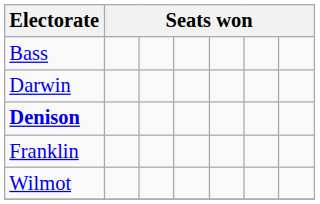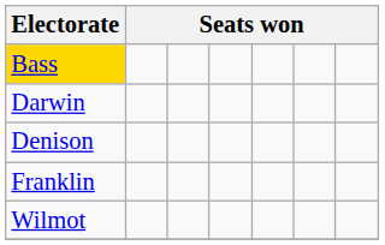 <table class="wikitable">
 <tr>
 <th>Electorate</th>
 <th colspan=7>Seats won</th>
 </tr>
 <tr>
-<td><a href='#'>Bass</a></td>
+<td style="background: gold;"><a href='#'>Bass</a></td>
 <td width=20 > </td>
 <td width=20 > </td>
 <td width=20 > </td>
 <td width=20 > </td>
 <td width=20 > </td>
 <td width=20 > </td>
 </tr>
 <tr>
 <td><a href='#'>Darwin</a></td>
 <td> </td>
 <td> </td>
 <td> </td>
 <td> </td>
 <td> </td>
 <td> </td>
 </tr>
 <tr>
-<td><strong><a href='#'>Denison</a></strong></td>
+<td><a href='#'>Denison</a></td>
 <td> </td>
 <td> </td>
 <td> </td>
 <td> </td>
 <td> </td>
 <td> </td>
 </tr>
 <tr>
 <td><a href='#'>Franklin</a></td>
 <td> </td>
 <td> </td>
 <td> </td>
 <td> </td>
 <td> </td>
 <td> </td>
 </tr>
 <tr>
 <td><a href='#'>Wilmot</a></td>
 <td width=20 > </td>
 <td width=20 > </td>
 <td width=20 > </td>
 <td width=20 > </td>
 <td width=20 > </td>
 <td width=20 > </td>
 </tr>
 <tr>
 </tr>
 </table>
